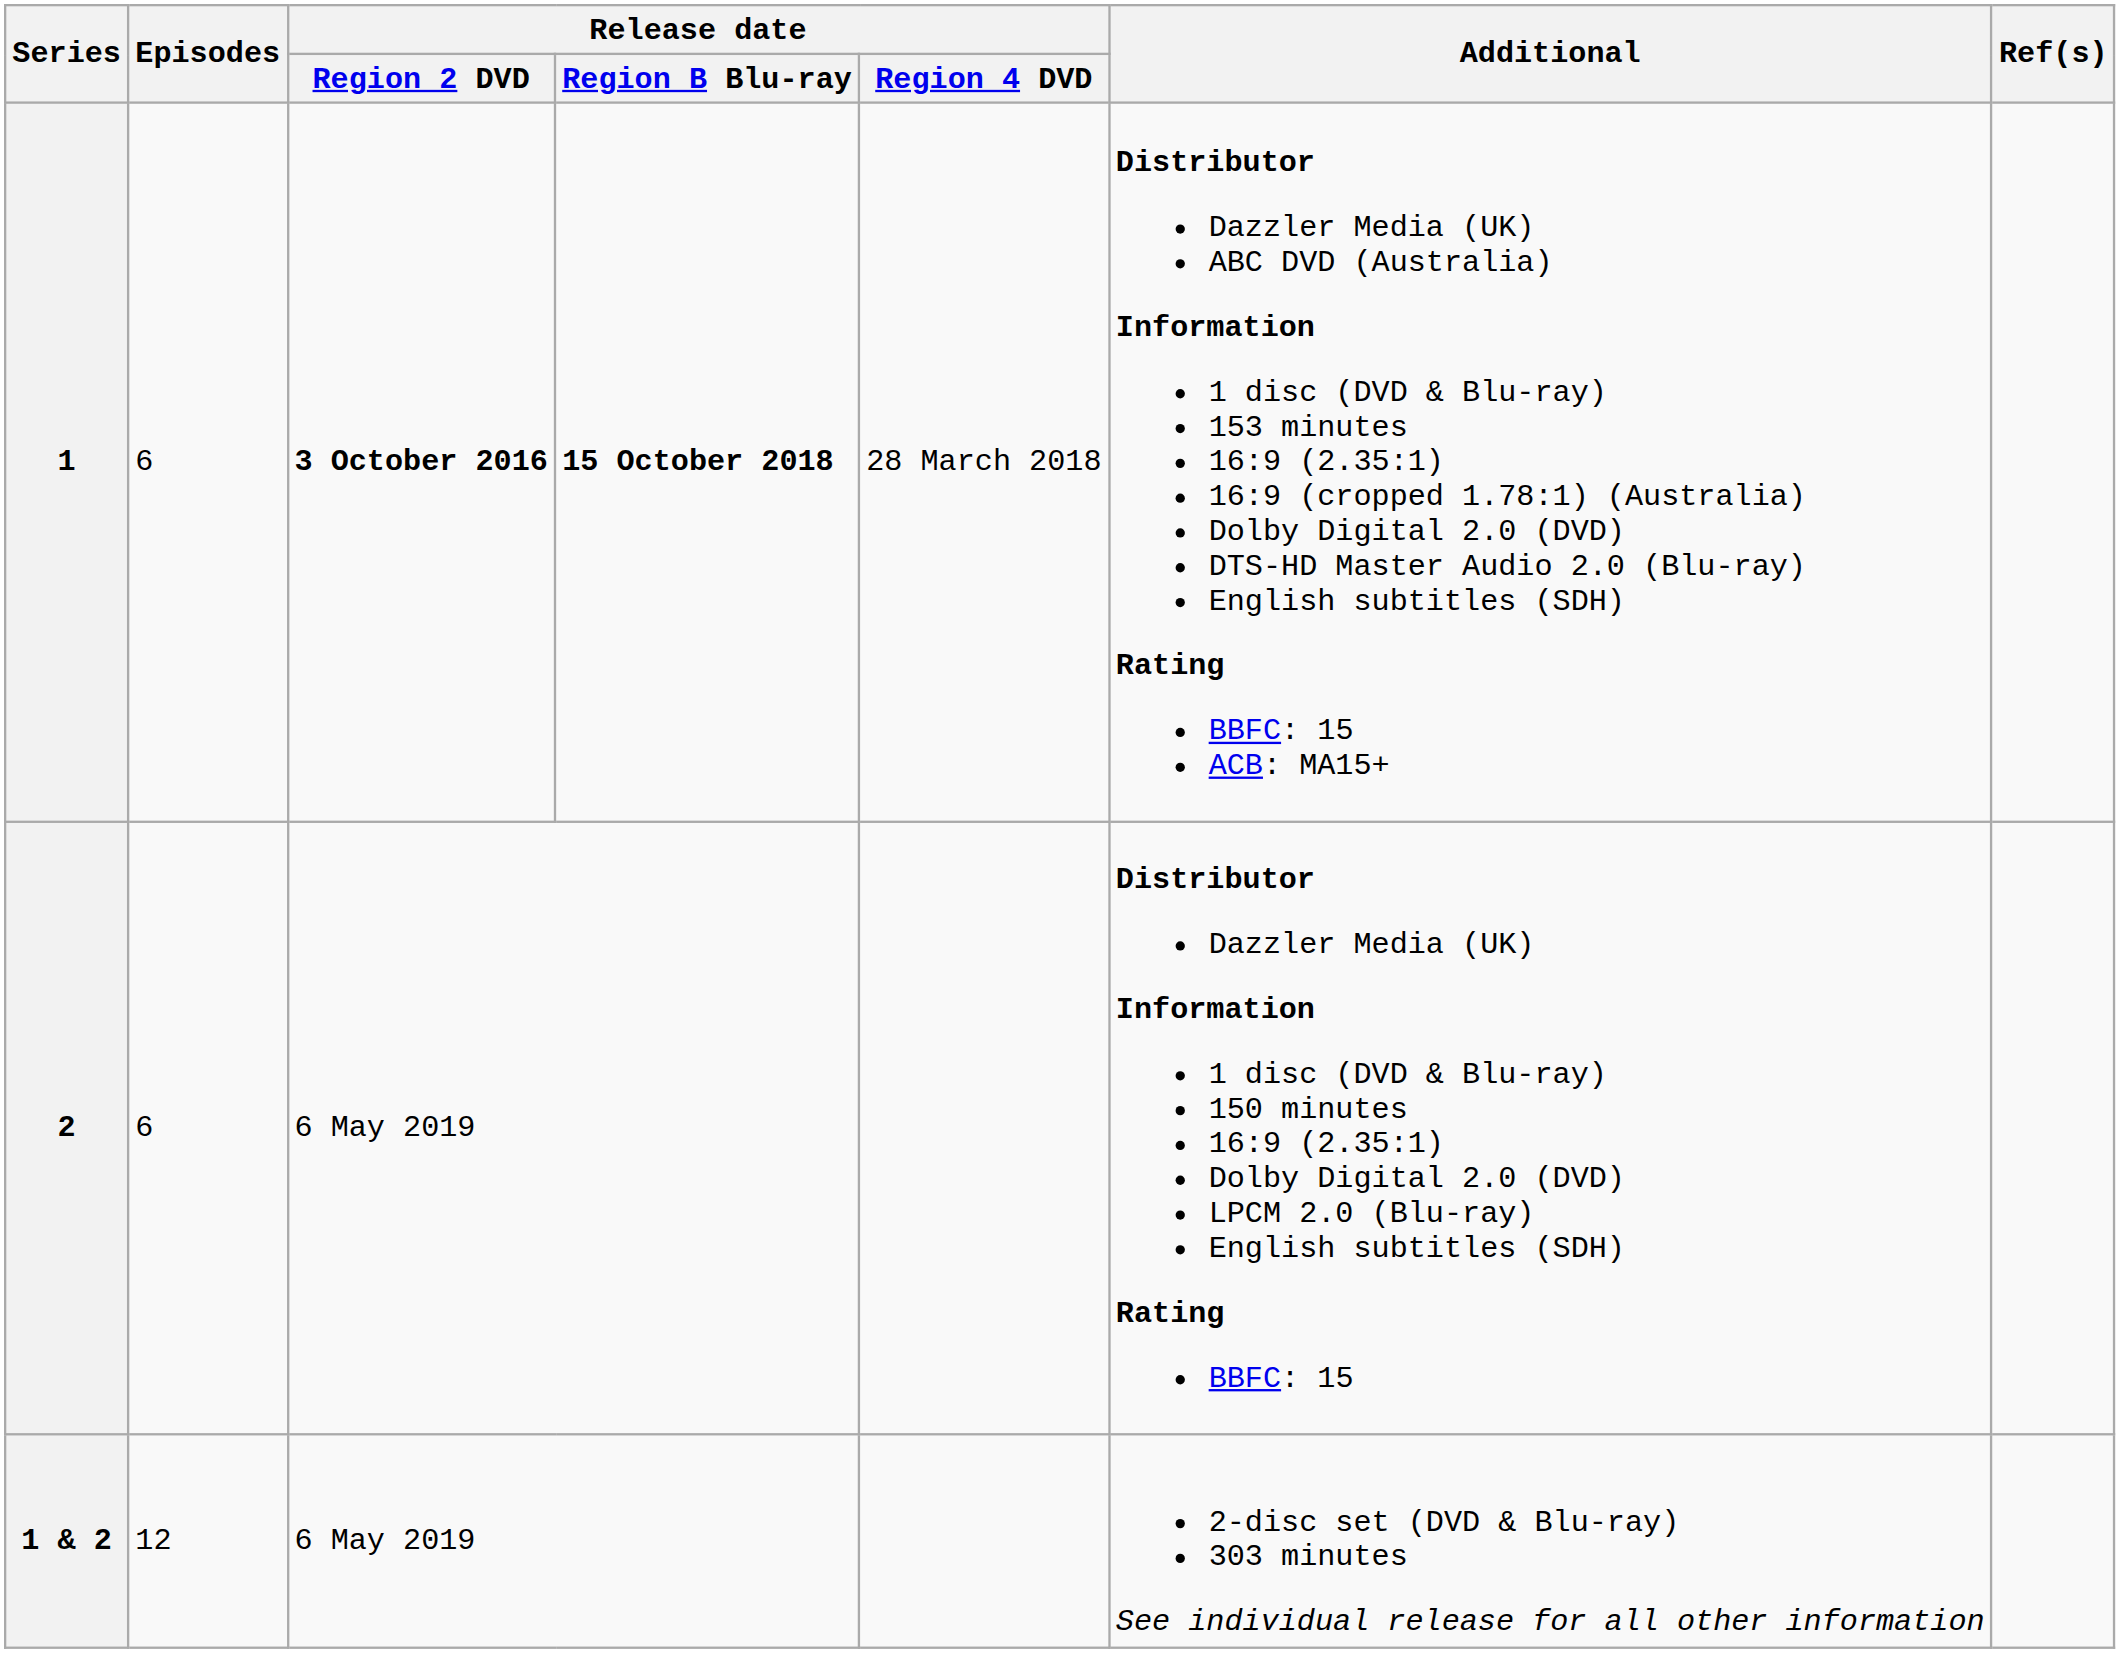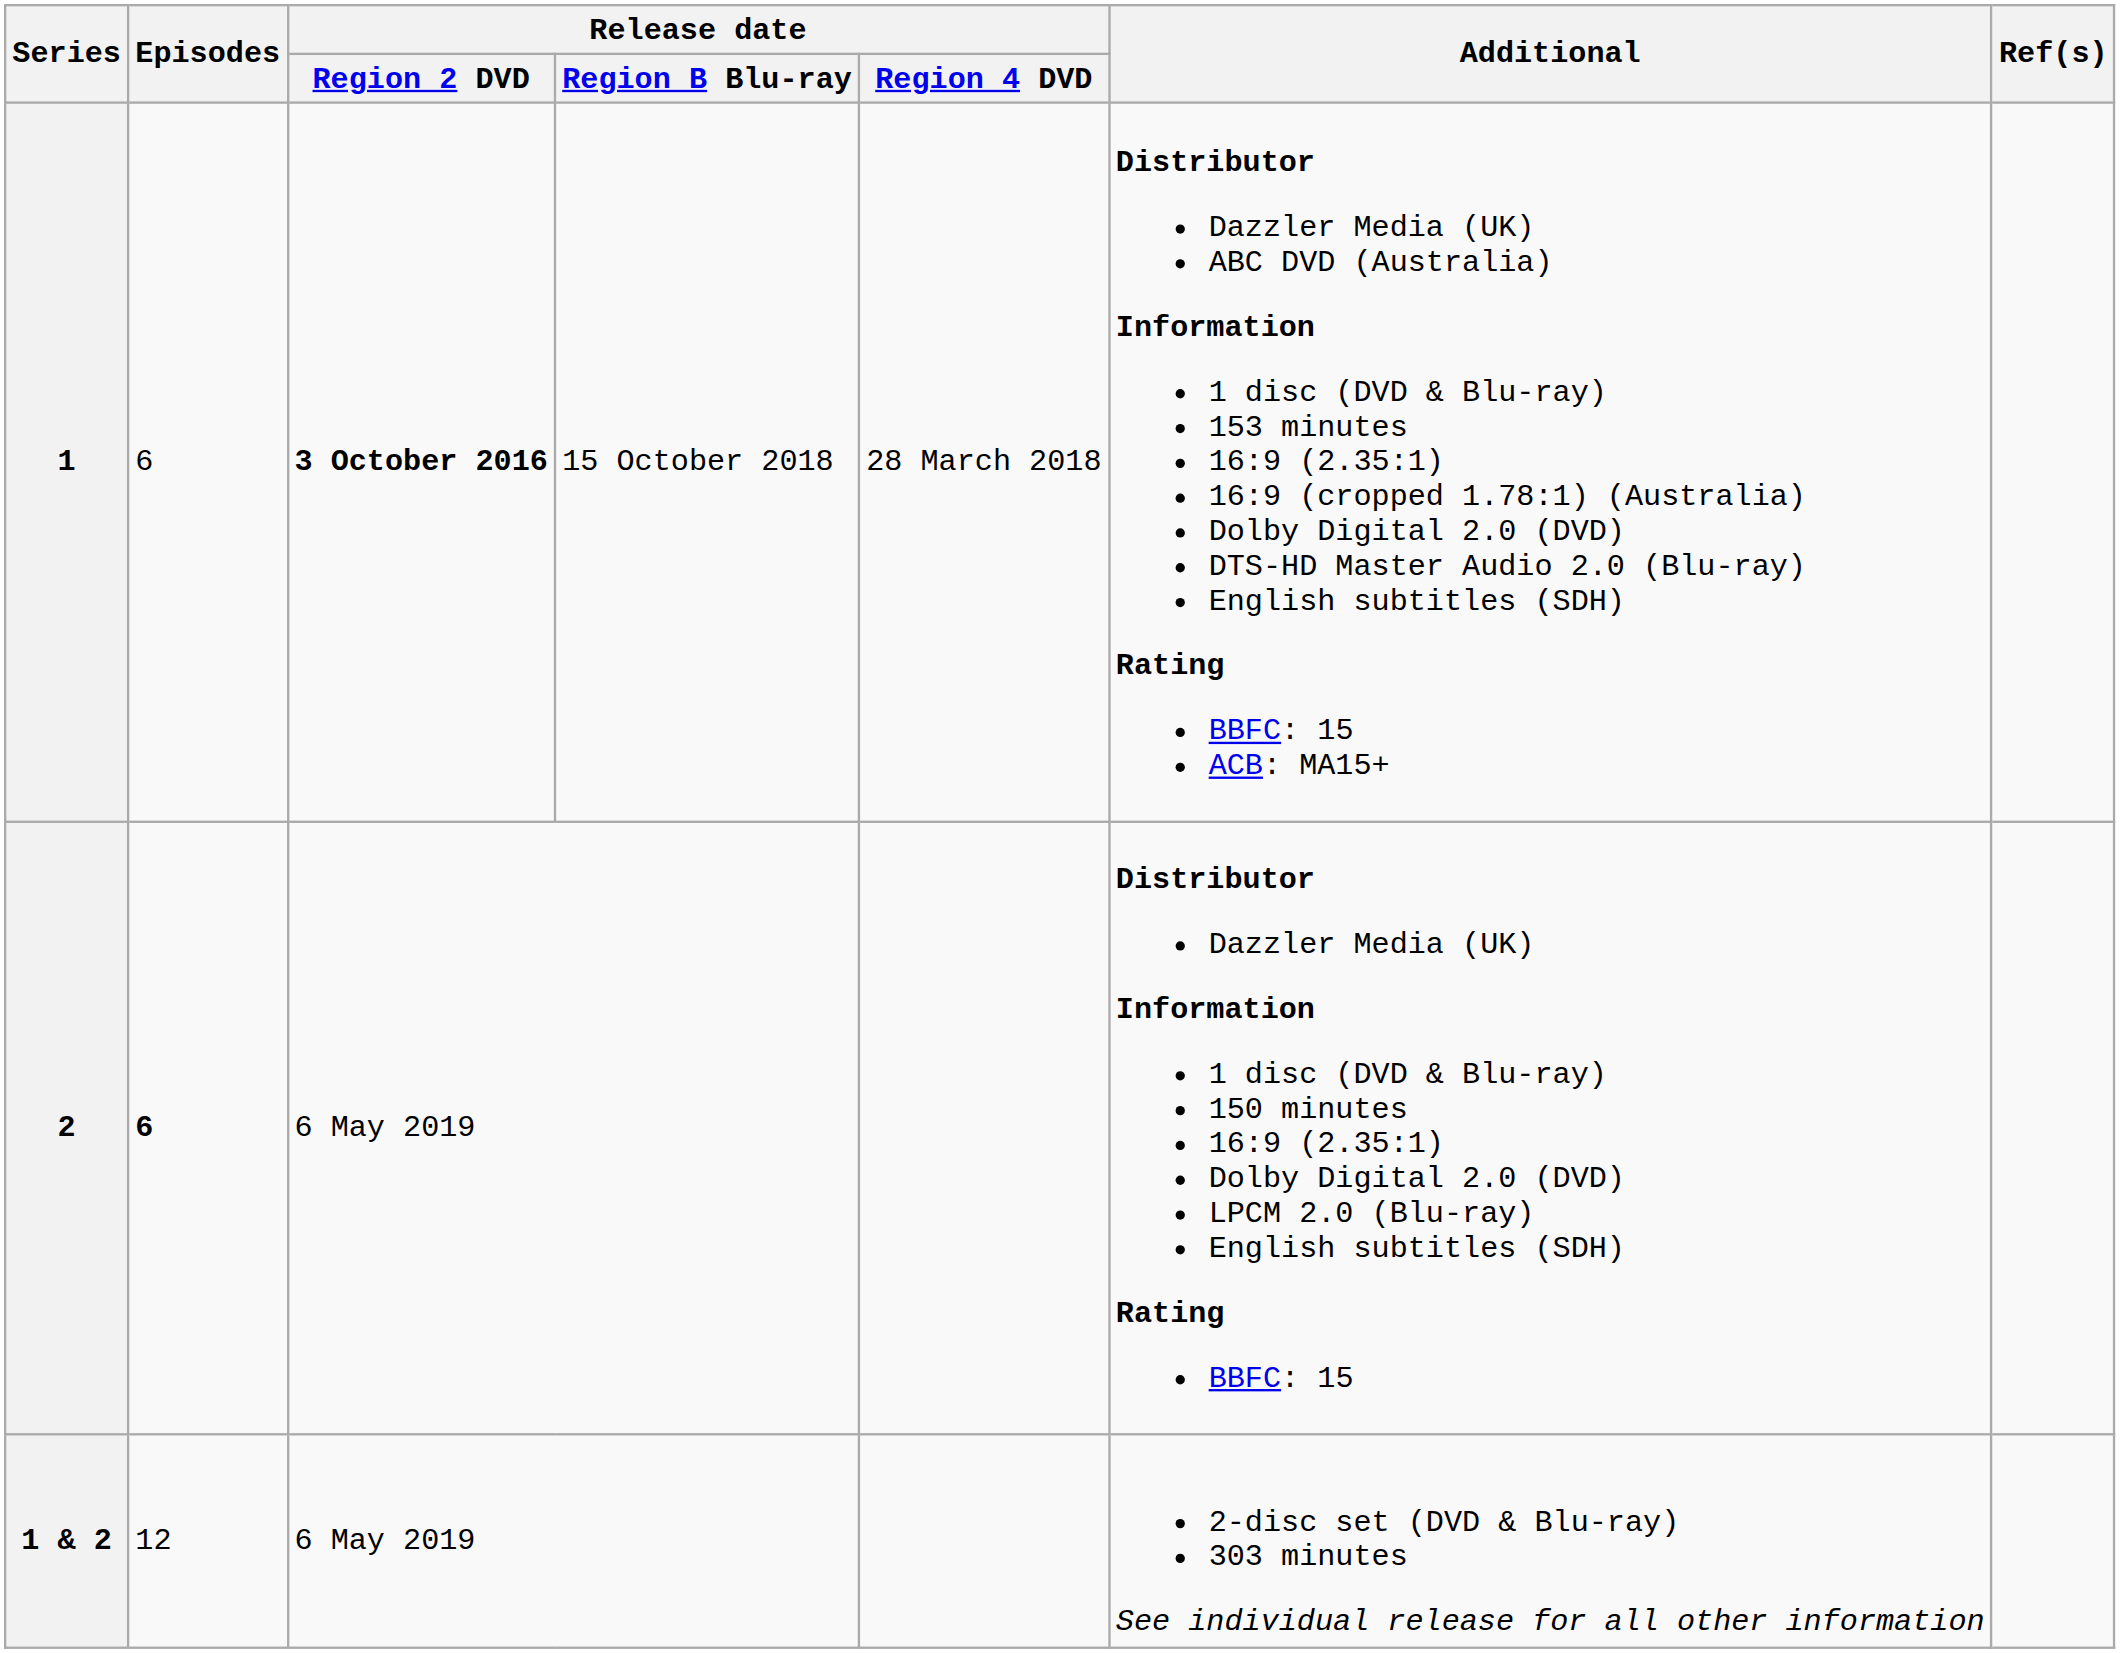 <table class="wikitable">
 <tr>
 <th scope="col" rowspan="2">Series</th>
 <th scope="col" rowspan="2">Episodes</th>
 <th scope="col" colspan="3">Release date</th>
 <th scope="col" rowspan="2">Additional</th>
 <th scope="col" rowspan="2">Ref(s)</th>
 </tr>
 <tr>
 <th scope="col"><a href='#'>Region 2</a> DVD </th>
 <th scope="col"><a href='#'>Region B</a> Blu-ray </th>
 <th scope="col"><a href='#'>Region 4</a> DVD </th>
 </tr>
 <tr>
 <th scope="row">1</th>
 <td>6</td>
 <td><strong>3 October 2016</strong></td>
-<td><strong>15 October 2018</strong></td>
+<td>15 October 2018</td>
 <td>28 March 2018</td>
 <td><br><strong>Distributor</strong><ul><li>Dazzler Media (UK)</li><li>ABC DVD (Australia)</li></ul><strong>Information</strong><ul><li>1 disc (DVD & Blu-ray)</li><li>153 minutes</li><li>16:9 (2.35:1)</li><li>16:9 (cropped 1.78:1) (Australia)</li><li>Dolby Digital 2.0 (DVD)</li><li>DTS-HD Master Audio 2.0 (Blu-ray)</li><li>English subtitles (SDH)</li></ul><strong>Rating</strong><ul><li><a href='#'>BBFC</a>: 15</li><li><a href='#'>ACB</a>: MA15+</li></ul></td>
 <td></td>
 </tr>
 <tr>
 <th scope="row">2</th>
-<td>6</td>
+<td><strong>6</strong></td>
 <td colspan="2">6 May 2019</td>
 <td></td>
 <td><br><strong>Distributor</strong><ul><li>Dazzler Media (UK)</li></ul><strong>Information</strong><ul><li>1 disc (DVD & Blu-ray)</li><li>150 minutes</li><li>16:9 (2.35:1)</li><li>Dolby Digital 2.0 (DVD)</li><li>LPCM 2.0 (Blu-ray)</li><li>English subtitles (SDH)</li></ul><strong>Rating</strong><ul><li><a href='#'>BBFC</a>: 15</li></ul></td>
 <td></td>
 </tr>
 <tr>
 <th scope="row">1 & 2</th>
 <td>12</td>
 <td colspan="2">6 May 2019</td>
 <td></td>
 <td><br><ul><li>2-disc set (DVD & Blu-ray)</li><li>303 minutes</li></ul><em>See individual release for all other information</em></td>
 <td></td>
 </tr>
 </table>
